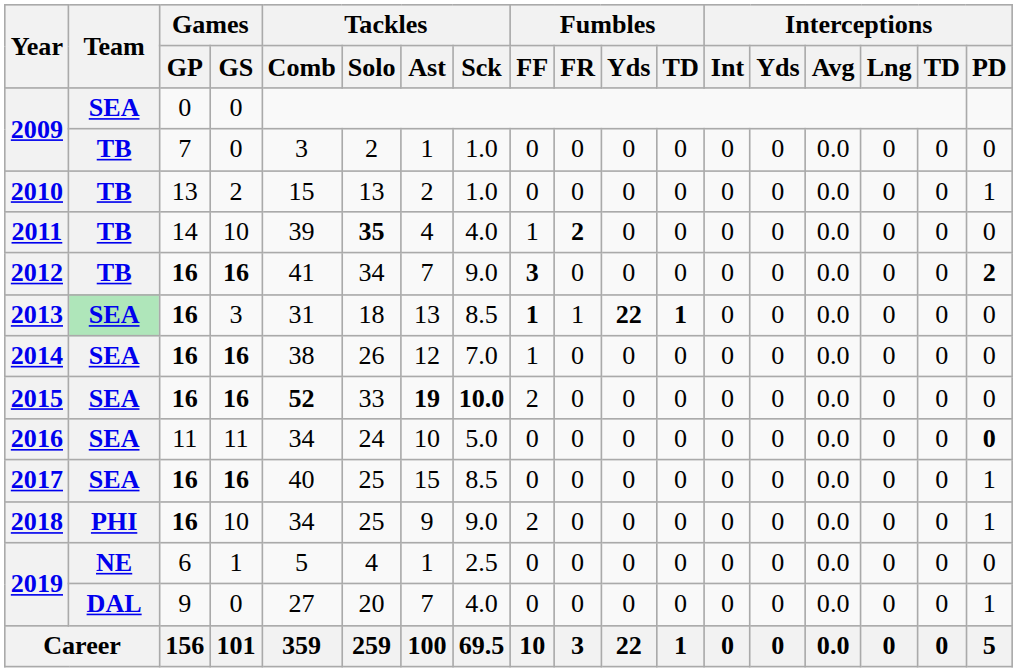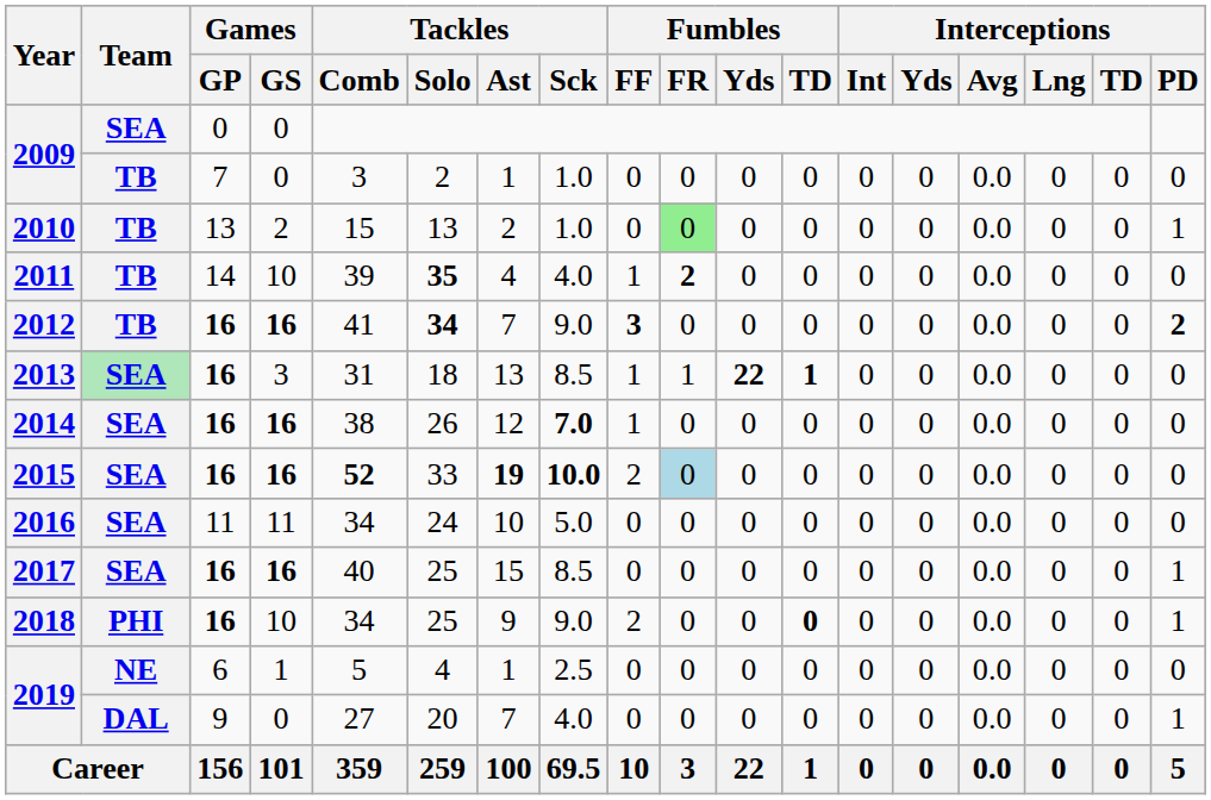 <table class="wikitable" style="text-align: center;">
 <tr>
 <th rowspan="2">Year</th>
 <th rowspan="2">Team</th>
 <th colspan="2">Games</th>
 <th colspan="4">Tackles</th>
 <th colspan="4">Fumbles</th>
 <th colspan="6">Interceptions</th>
 </tr>
 <tr>
 <th>GP</th>
 <th>GS</th>
 <th>Comb</th>
 <th>Solo</th>
 <th>Ast</th>
 <th>Sck</th>
 <th>FF</th>
 <th>FR</th>
 <th>Yds</th>
 <th>TD</th>
 <th>Int</th>
 <th>Yds</th>
 <th>Avg</th>
 <th>Lng</th>
 <th>TD</th>
 <th>PD</th>
 </tr>
 <tr>
 <th rowspan="2"><a href='#'>2009</a></th>
 <th><a href='#'>SEA</a></th>
 <td>0</td>
 <td>0</td>
 <td colspan="13"></td>
 </tr>
 <tr>
 <th><a href='#'>TB</a></th>
 <td>7</td>
 <td>0</td>
 <td>3</td>
 <td>2</td>
 <td>1</td>
 <td>1.0</td>
 <td>0</td>
 <td>0</td>
 <td>0</td>
 <td>0</td>
 <td>0</td>
 <td>0</td>
 <td>0.0</td>
 <td>0</td>
 <td>0</td>
 <td>0</td>
 </tr>
 <tr>
 <th><a href='#'>2010</a></th>
 <th><a href='#'>TB</a></th>
 <td>13</td>
 <td>2</td>
 <td>15</td>
 <td>13</td>
 <td>2</td>
 <td>1.0</td>
 <td>0</td>
-<td>0</td>
+<td style="background: lightgreen;">0</td>
 <td>0</td>
 <td>0</td>
 <td>0</td>
 <td>0</td>
 <td>0.0</td>
 <td>0</td>
 <td>0</td>
 <td>1</td>
 </tr>
 <tr>
 <th><a href='#'>2011</a></th>
 <th><a href='#'>TB</a></th>
 <td>14</td>
 <td>10</td>
 <td>39</td>
 <td><strong>35</strong></td>
 <td>4</td>
 <td>4.0</td>
 <td>1</td>
 <td><strong>2</strong></td>
 <td>0</td>
 <td>0</td>
 <td>0</td>
 <td>0</td>
 <td>0.0</td>
 <td>0</td>
 <td>0</td>
 <td>0</td>
 </tr>
 <tr>
 <th><a href='#'>2012</a></th>
 <th><a href='#'>TB</a></th>
 <td><strong>16</strong></td>
 <td><strong>16</strong></td>
 <td>41</td>
-<td>34</td>
+<td><strong>34</strong></td>
 <td>7</td>
 <td>9.0</td>
 <td><strong>3</strong></td>
 <td>0</td>
 <td>0</td>
 <td>0</td>
 <td>0</td>
 <td>0</td>
 <td>0.0</td>
 <td>0</td>
 <td>0</td>
 <td><strong>2</strong></td>
 </tr>
 <tr>
 <th><a href='#'>2013</a></th>
 <th style="background:#afe6ba; width:3em;"><a href='#'>SEA</a></th>
 <td><strong>16</strong></td>
 <td>3</td>
 <td>31</td>
 <td>18</td>
 <td>13</td>
 <td>8.5</td>
-<td><strong>1</strong></td>
+<td>1</td>
 <td>1</td>
 <td><strong>22</strong></td>
 <td><strong>1</strong></td>
 <td>0</td>
 <td>0</td>
 <td>0.0</td>
 <td>0</td>
 <td>0</td>
 <td>0</td>
 </tr>
 <tr>
 <th><a href='#'>2014</a></th>
 <th><a href='#'>SEA</a></th>
 <td><strong>16</strong></td>
 <td><strong>16</strong></td>
 <td>38</td>
 <td>26</td>
 <td>12</td>
-<td>7.0</td>
+<td><strong>7.0</strong></td>
 <td>1</td>
 <td>0</td>
 <td>0</td>
 <td>0</td>
 <td>0</td>
 <td>0</td>
 <td>0.0</td>
 <td>0</td>
 <td>0</td>
 <td>0</td>
 </tr>
 <tr>
 <th><a href='#'>2015</a></th>
 <th><a href='#'>SEA</a></th>
 <td><strong>16</strong></td>
 <td><strong>16</strong></td>
 <td><strong>52</strong></td>
 <td>33</td>
 <td><strong>19</strong></td>
 <td><strong>10.0</strong></td>
 <td>2</td>
-<td>0</td>
+<td style="background: lightblue;">0</td>
 <td>0</td>
 <td>0</td>
 <td>0</td>
 <td>0</td>
 <td>0.0</td>
 <td>0</td>
 <td>0</td>
 <td>0</td>
 </tr>
 <tr>
 <th><a href='#'>2016</a></th>
 <th><a href='#'>SEA</a></th>
 <td>11</td>
 <td>11</td>
 <td>34</td>
 <td>24</td>
 <td>10</td>
 <td>5.0</td>
 <td>0</td>
 <td>0</td>
 <td>0</td>
 <td>0</td>
 <td>0</td>
 <td>0</td>
 <td>0.0</td>
 <td>0</td>
 <td>0</td>
-<td><strong>0</strong></td>
+<td>0</td>
 </tr>
 <tr>
 <th><a href='#'>2017</a></th>
 <th><a href='#'>SEA</a></th>
 <td><strong>16</strong></td>
 <td><strong>16</strong></td>
 <td>40</td>
 <td>25</td>
 <td>15</td>
 <td>8.5</td>
 <td>0</td>
 <td>0</td>
 <td>0</td>
 <td>0</td>
 <td>0</td>
 <td>0</td>
 <td>0.0</td>
 <td>0</td>
 <td>0</td>
 <td>1</td>
 </tr>
 <tr>
 <th><a href='#'>2018</a></th>
 <th><a href='#'>PHI</a></th>
 <td><strong>16</strong></td>
 <td>10</td>
 <td>34</td>
 <td>25</td>
 <td>9</td>
 <td>9.0</td>
 <td>2</td>
 <td>0</td>
 <td>0</td>
-<td>0</td>
+<td><strong>0</strong></td>
 <td>0</td>
 <td>0</td>
 <td>0.0</td>
 <td>0</td>
 <td>0</td>
 <td>1</td>
 </tr>
 <tr>
 <th rowspan="2"><a href='#'>2019</a></th>
 <th><a href='#'>NE</a></th>
 <td>6</td>
 <td>1</td>
 <td>5</td>
 <td>4</td>
 <td>1</td>
 <td>2.5</td>
 <td>0</td>
 <td>0</td>
 <td>0</td>
 <td>0</td>
 <td>0</td>
 <td>0</td>
 <td>0.0</td>
 <td>0</td>
 <td>0</td>
 <td>0</td>
 </tr>
 <tr>
 <th><a href='#'>DAL</a></th>
 <td>9</td>
 <td>0</td>
 <td>27</td>
 <td>20</td>
 <td>7</td>
 <td>4.0</td>
 <td>0</td>
 <td>0</td>
 <td>0</td>
 <td>0</td>
 <td>0</td>
 <td>0</td>
 <td>0.0</td>
 <td>0</td>
 <td>0</td>
 <td>1</td>
 </tr>
 <tr>
 <th colspan="2">Career</th>
 <th>156</th>
 <th>101</th>
 <th>359</th>
 <th>259</th>
 <th>100</th>
 <th>69.5</th>
 <th>10</th>
 <th>3</th>
 <th>22</th>
 <th>1</th>
 <th>0</th>
 <th>0</th>
 <th>0.0</th>
 <th>0</th>
 <th>0</th>
 <th>5</th>
 </tr>
 </table>
